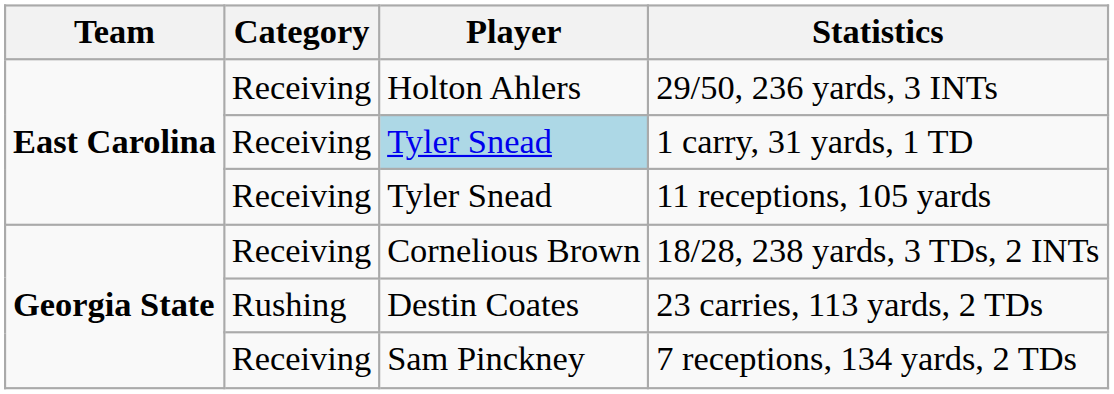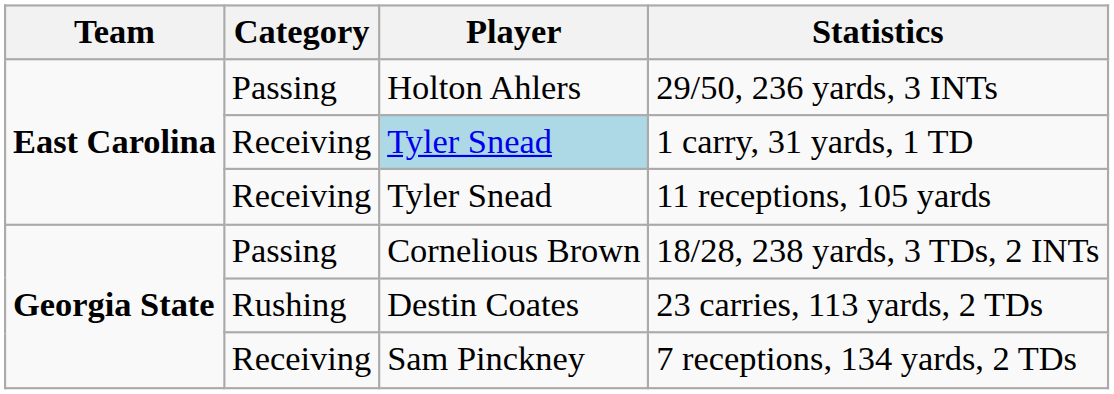 <table class="wikitable" style="float: left;">
 <tr>
 <th>Team</th>
 <th>Category</th>
 <th>Player</th>
 <th>Statistics</th>
 </tr>
 <tr>
 <td rowspan=3><strong>East Carolina</strong></td>
-<td>Receiving</td>
+<td>Passing</td>
 <td>Holton Ahlers</td>
 <td>29/50, 236 yards, 3 INTs</td>
 </tr>
 <tr>
 <td>Receiving</td>
 <td style="background: lightblue;"><a href='#'>Tyler Snead</a></td>
 <td>1 carry, 31 yards, 1 TD</td>
 </tr>
 <tr>
 <td>Receiving</td>
 <td>Tyler Snead</td>
 <td>11 receptions, 105 yards</td>
 </tr>
 <tr>
 <td rowspan=3><strong>Georgia State</strong></td>
-<td>Receiving</td>
+<td>Passing</td>
 <td>Cornelious Brown</td>
 <td>18/28, 238 yards, 3 TDs, 2 INTs</td>
 </tr>
 <tr>
 <td>Rushing</td>
 <td>Destin Coates</td>
 <td>23 carries, 113 yards, 2 TDs</td>
 </tr>
 <tr>
 <td>Receiving</td>
 <td>Sam Pinckney</td>
 <td>7 receptions, 134 yards, 2 TDs</td>
 </tr>
 </table>
